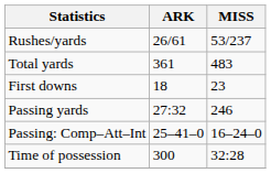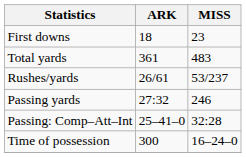 <table class="wikitable" style="float: left;">
 <tr>
 <th>Statistics</th>
 <th>ARK</th>
 <th>MISS</th>
 </tr>
 <tr>
-<td>Rushes/yards</td>
-<td>26/61</td>
-<td>53/237</td>
+<td>First downs</td>
+<td>18</td>
+<td>23</td>
 </tr>
 <tr>
 <td>Total yards</td>
 <td>361</td>
 <td>483</td>
 </tr>
 <tr>
-<td>First downs</td>
-<td>18</td>
-<td>23</td>
+<td>Rushes/yards</td>
+<td>26/61</td>
+<td>53/237</td>
 </tr>
 <tr>
 <td>Passing yards</td>
 <td>27:32</td>
 <td>246</td>
 </tr>
 <tr>
 <td>Passing: Comp–Att–Int</td>
 <td>25–41–0</td>
-<td>16–24–0</td>
+<td>32:28</td>
 </tr>
 <tr>
 <td>Time of possession</td>
 <td>300</td>
-<td>32:28</td>
+<td>16–24–0</td>
 </tr>
 <tr>
 </tr>
 </table>
